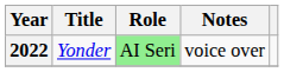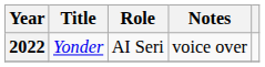 <table class="wikitable plainrowheaders">
 <tr>
 <th scope="col">Year</th>
 <th scope="col">Title</th>
 <th scope="col">Role</th>
 <th scope="col">Notes</th>
 <th scope="col" class="unsortable"></th>
 </tr>
 <tr>
 <th scope="row">2022</th>
 <td><em><a href='#'>Yonder</a></em></td>
-<td style="background: lightgreen;">AI Seri</td>
+<td>AI Seri</td>
 <td>voice over</td>
 <td></td>
 </tr>
 <tr>
 </tr>
 </table>
